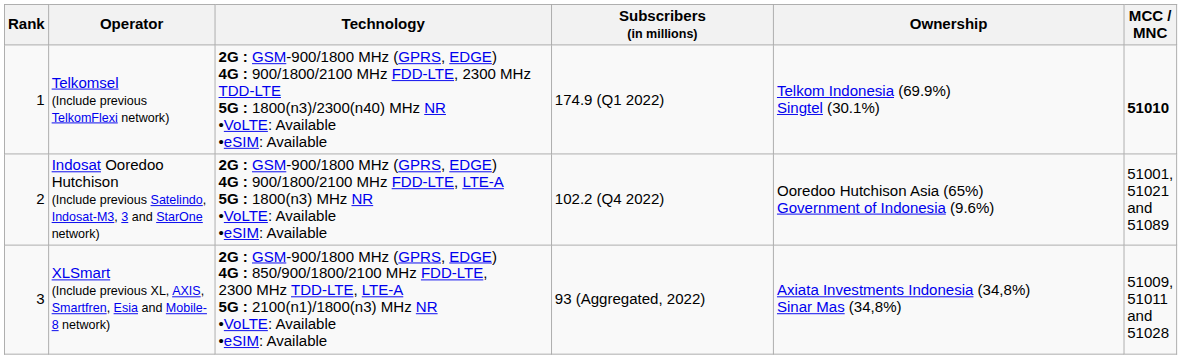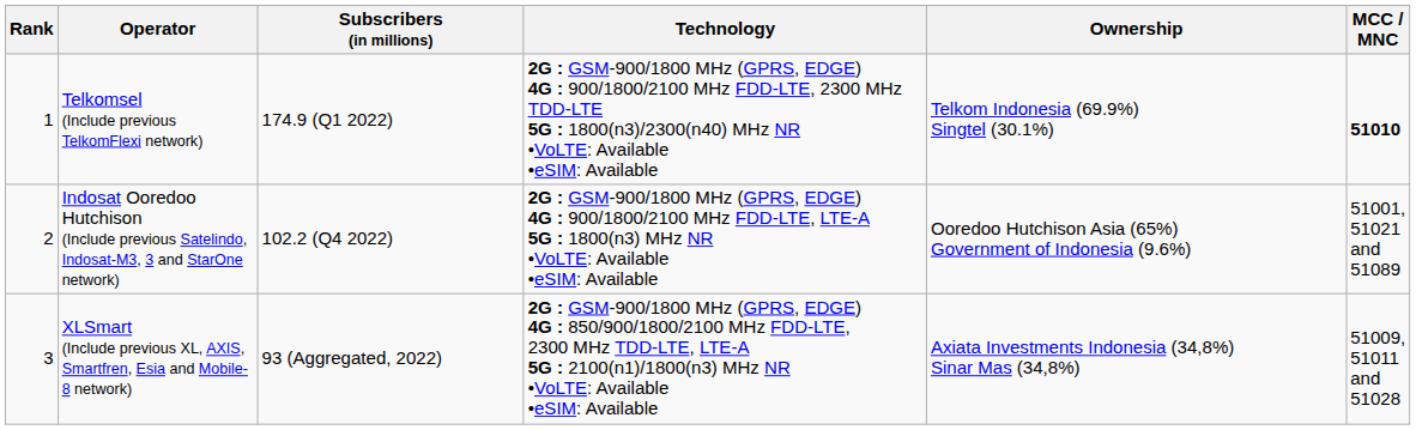 <table class="wikitable">
 <tr>
 <th style="width:3%;">Rank</th>
 <th style="width:15%;">Operator</th>
+<th style="width:20%;">Subscribers<br><small>(in millions)</small></th>
 <th style="width:30%;">Technology</th>
-<th style="width:20%;">Subscribers<br><small>(in millions)</small></th>
 <th style="width:32%;">Ownership</th>
 <th>MCC / MNC</th>
 </tr>
 <tr>
 <td align=right>1</td>
 <td><a href='#'>Telkomsel</a><br><small>(Include previous <a href='#'>TelkomFlexi</a> network)</small></td>
+<td>174.9 (Q1 2022)</td>
 <td><strong>2G :</strong> <a href='#'>GSM</a>-900/1800 MHz (<a href='#'>GPRS</a>, <a href='#'>EDGE</a>)<br><strong>4G :</strong> 900/1800/2100 MHz <a href='#'>FDD-LTE</a>, 2300 MHz <a href='#'>TDD-LTE</a><br><strong>5G :</strong> 1800(n3)/2300(n40) MHz <a href='#'>NR</a><br>•<a href='#'>VoLTE</a>: Available<br>•<a href='#'>eSIM</a>: Available</td>
-<td>174.9 (Q1 2022)</td>
 <td><a href='#'>Telkom Indonesia</a> (69.9%)<br><a href='#'>Singtel</a> (30.1%)</td>
 <td><strong><br>51010</strong></td>
 </tr>
 <tr>
 <td align="right">2</td>
 <td><a href='#'>Indosat</a> Ooredoo Hutchison<br><small>(Include previous <a href='#'>Satelindo</a>, <a href='#'>Indosat-M3</a>, <a href='#'>3</a> and <a href='#'>StarOne</a> network)</small></td>
+<td>102.2 (Q4 2022)</td>
 <td><strong>2G :</strong> <a href='#'>GSM</a>-900/1800 MHz (<a href='#'>GPRS</a>, <a href='#'>EDGE</a>)<br><strong>4G :</strong> 900/1800/2100 MHz <a href='#'>FDD-LTE</a>, <a href='#'>LTE-A</a><br><strong>5G :</strong> 1800(n3) MHz <a href='#'>NR</a><br>•<a href='#'>VoLTE</a>: Available<br>•<a href='#'>eSIM</a>: Available</td>
-<td>102.2 (Q4 2022)</td>
 <td>Ooredoo Hutchison Asia (65%)<br><a href='#'>Government of Indonesia</a> (9.6%)</td>
 <td>51001, 51021 and 51089</td>
 </tr>
 <tr>
 <td align="right">3</td>
 <td><a href='#'>XLSmart</a><br><small>(Include previous XL, <a href='#'>AXIS</a>, <a href='#'>Smartfren</a>, <a href='#'>Esia</a> and <a href='#'>Mobile-8</a> network)</small></td>
+<td>93 (Aggregated, 2022)</td>
 <td><strong>2G :</strong> <a href='#'>GSM</a>-900/1800 MHz (<a href='#'>GPRS</a>, <a href='#'>EDGE</a>)<br><strong>4G :</strong> 850/900/1800/2100 MHz <a href='#'>FDD-LTE</a>, 2300 MHz <a href='#'>TDD-LTE</a>, <a href='#'>LTE-A</a><br> <strong>5G :</strong> 2100(n1)/1800(n3) MHz <a href='#'>NR</a><br>•<a href='#'>VoLTE</a>: Available<br>•<a href='#'>eSIM</a>: Available</td>
-<td>93 (Aggregated, 2022)</td>
 <td><a href='#'>Axiata Investments Indonesia</a> (34,8%)<br><a href='#'>Sinar Mas</a> (34,8%)</td>
 <td><br>51009, 51011 and 51028</td>
 </tr>
 </table>
